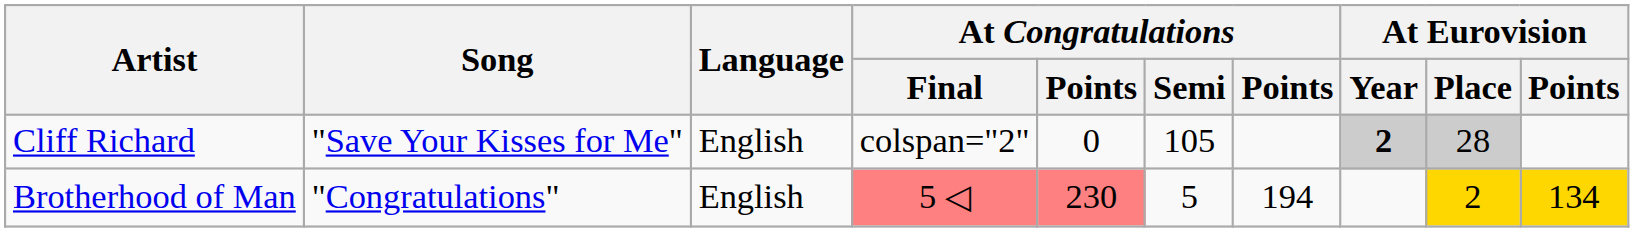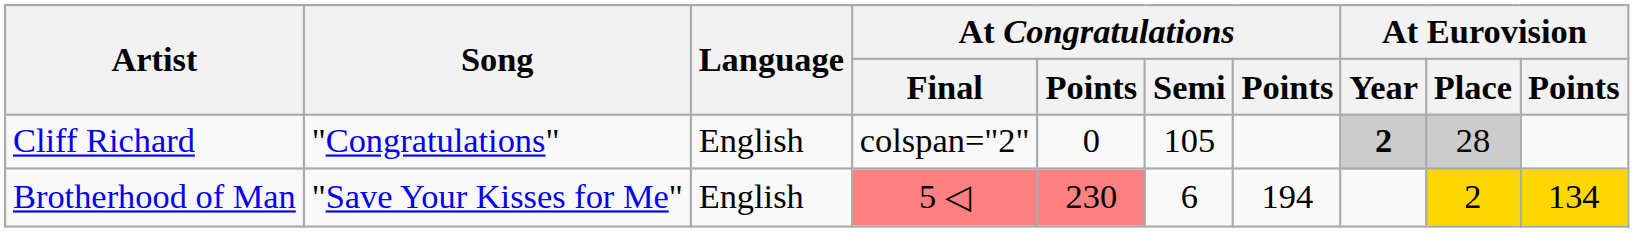 <table class="wikitable">
 <tr>
 <th rowspan="2" scope="col">Artist</th>
 <th rowspan="2" scope="col">Song</th>
 <th scope="col" rowspan="2">Language</th>
 <th scope="colgroup" colspan="4">At <em>Congratulations</em></th>
 <th scope="colgroup" colspan="3">At Eurovision</th>
 </tr>
 <tr>
 <th scope="col">Final</th>
 <th scope="col">Points</th>
 <th scope="col">Semi</th>
 <th scope="col">Points</th>
 <th scope="col">Year</th>
 <th scope="col">Place</th>
 <th scope="col">Points</th>
 </tr>
 <tr>
 <td><a href='#'>Cliff Richard</a></td>
-<td>"<a href='#'>Save Your Kisses for Me</a>"</td>
+<td>"<a href='#'>Congratulations</a>"</td>
 <td>English</td>
 <td>colspan="2" </td>
 <td style="text-align:center;">0</td>
 <td style="text-align:center;">105</td>
 <td style="text-align:center;"></td>
 <td style="text-align:center; background-color:#CCC;"><strong>2</strong></td>
 <td style="text-align:center; background-color:#CCC;">28</td>
 </tr>
 <tr>
 <td><a href='#'>Brotherhood of Man</a></td>
-<td>"<a href='#'>Congratulations</a>"</td>
+<td>"<a href='#'>Save Your Kisses for Me</a>"</td>
 <td>English</td>
 <td style="text-align:center; background-color:#FE8080;">5 ◁</td>
 <td style="text-align:center; background-color:#FE8080;">230</td>
-<td style="text-align:center;">5</td>
+<td style="text-align:center;">6</td>
 <td style="text-align:center;">194</td>
 <td style="text-align:center;"></td>
 <td style="text-align:center; background-color:#FFD700;">2</td>
 <td style="text-align:center; background-color:#FFD700;">134</td>
 </tr>
 </table>
